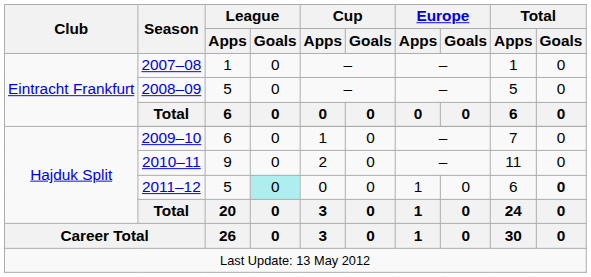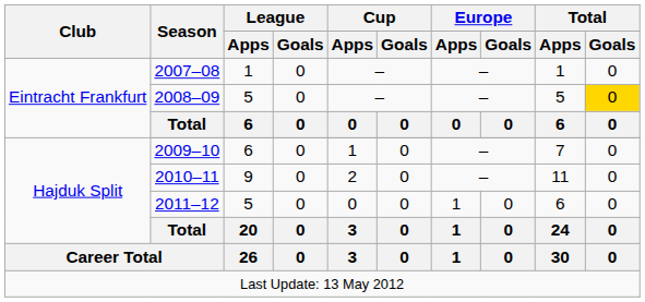 <table class="wikitable" style="text-align: center">
 <tr>
 <th rowspan="2">Club</th>
 <th rowspan="2">Season</th>
 <th colspan="2">League</th>
 <th colspan="2">Cup</th>
 <th colspan="2"><a href='#'>Europe</a></th>
 <th colspan="2">Total</th>
 </tr>
 <tr>
 <th>Apps</th>
 <th>Goals</th>
 <th>Apps</th>
 <th>Goals</th>
 <th>Apps</th>
 <th>Goals</th>
 <th>Apps</th>
 <th>Goals</th>
 </tr>
 <tr>
 <td rowspan="3"><a href='#'>Eintracht Frankfurt</a></td>
 <td><a href='#'>2007–08</a></td>
 <td>1</td>
 <td>0</td>
 <td colspan="2">–</td>
 <td colspan="2">–</td>
 <td>1</td>
 <td>0</td>
 </tr>
 <tr>
 <td><a href='#'>2008–09</a></td>
 <td>5</td>
 <td>0</td>
 <td colspan="2">–</td>
 <td colspan="2">–</td>
 <td>5</td>
-<td>0</td>
+<td style="background: gold;">0</td>
 </tr>
 <tr>
 <th>Total</th>
 <th>6</th>
 <th>0</th>
 <th>0</th>
 <th>0</th>
 <th>0</th>
 <th>0</th>
 <th>6</th>
 <th>0</th>
 </tr>
 <tr>
 <td rowspan="5" valign="center"><a href='#'>Hajduk Split</a></td>
 </tr>
 <tr>
 <td><a href='#'>2009–10</a></td>
 <td>6</td>
 <td>0</td>
 <td>1</td>
 <td>0</td>
 <td colspan="2">–</td>
 <td>7</td>
 <td>0</td>
 </tr>
 <tr>
 <td><a href='#'>2010–11</a></td>
 <td>9</td>
 <td>0</td>
 <td>2</td>
 <td>0</td>
 <td colspan="2">–</td>
 <td>11</td>
 <td>0</td>
 </tr>
 <tr>
 <td><a href='#'>2011–12</a></td>
 <td>5</td>
-<td style="background: paleturquoise;">0</td>
+<td>0</td>
 <td>0</td>
 <td>0</td>
 <td>1</td>
 <td>0</td>
 <td>6</td>
-<td><strong>0</strong></td>
+<td>0</td>
 </tr>
 <tr>
 <th>Total</th>
 <th>20</th>
 <th>0</th>
 <th>3</th>
 <th>0</th>
 <th>1</th>
 <th>0</th>
 <th>24</th>
 <th>0</th>
 </tr>
 <tr>
 <th colspan="2">Career Total</th>
 <th>26</th>
 <th>0</th>
 <th>3</th>
 <th>0</th>
 <th>1</th>
 <th>0</th>
 <th>30</th>
 <th>0</th>
 </tr>
 <tr>
 <td colspan="10"><small>Last Update: 13 May 2012</small></td>
 </tr>
 </table>
